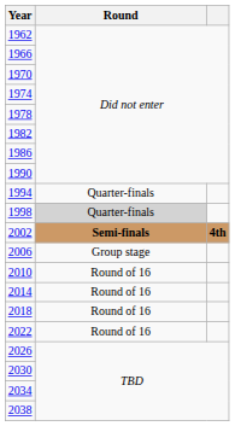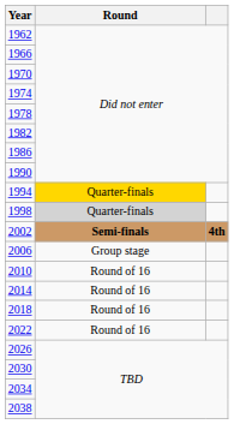 <table class="wikitable" style="text-align: center; font-size:90%">
 <tr>
 <th>Year</th>
 <th style="width:200px">Round</th>
 <th></th>
 </tr>
 <tr>
 <td><a href='#'>1962</a></td>
 <td colspan="2" rowspan="8"><em>Did not enter</em></td>
 </tr>
 <tr>
 <td><a href='#'>1966</a></td>
 </tr>
 <tr>
 <td><a href='#'>1970</a></td>
 </tr>
 <tr>
 <td><a href='#'>1974</a></td>
 </tr>
 <tr>
 <td><a href='#'>1978</a></td>
 </tr>
 <tr>
 <td><a href='#'>1982</a></td>
 </tr>
 <tr>
 <td><a href='#'>1986</a></td>
 </tr>
 <tr>
 <td><a href='#'>1990</a></td>
 </tr>
 <tr>
 <td><a href='#'>1994</a></td>
-<td>Quarter-finals</td>
+<td style="background: gold;">Quarter-finals</td>
 <td></td>
 </tr>
 <tr>
 <td><a href='#'>1998</a></td>
 <td style="background: lightgrey;">Quarter-finals</td>
 <td></td>
 </tr>
 <tr>
 <td><a href='#'>2002</a></td>
 <td bgcolor="cc9966"><strong>Semi-finals</strong></td>
 <td bgcolor="cc9966"><strong>4th</strong></td>
 </tr>
 <tr>
 <td><a href='#'>2006</a></td>
 <td>Group stage</td>
 <td></td>
 </tr>
 <tr>
 <td><a href='#'>2010</a></td>
 <td>Round of 16</td>
 <td></td>
 </tr>
 <tr>
 <td><a href='#'>2014</a></td>
 <td>Round of 16</td>
 <td></td>
 </tr>
 <tr>
 <td><a href='#'>2018</a></td>
 <td>Round of 16</td>
 <td></td>
 </tr>
 <tr>
 <td><a href='#'>2022</a></td>
 <td>Round of 16</td>
 <td></td>
 </tr>
 <tr>
 <td><a href='#'>2026</a></td>
 <td colspan="2" rowspan="4"><em>TBD</em></td>
 </tr>
 <tr>
 <td><a href='#'>2030</a></td>
 </tr>
 <tr>
 <td><a href='#'>2034</a></td>
 </tr>
 <tr>
 <td><a href='#'>2038</a></td>
 </tr>
 </table>
